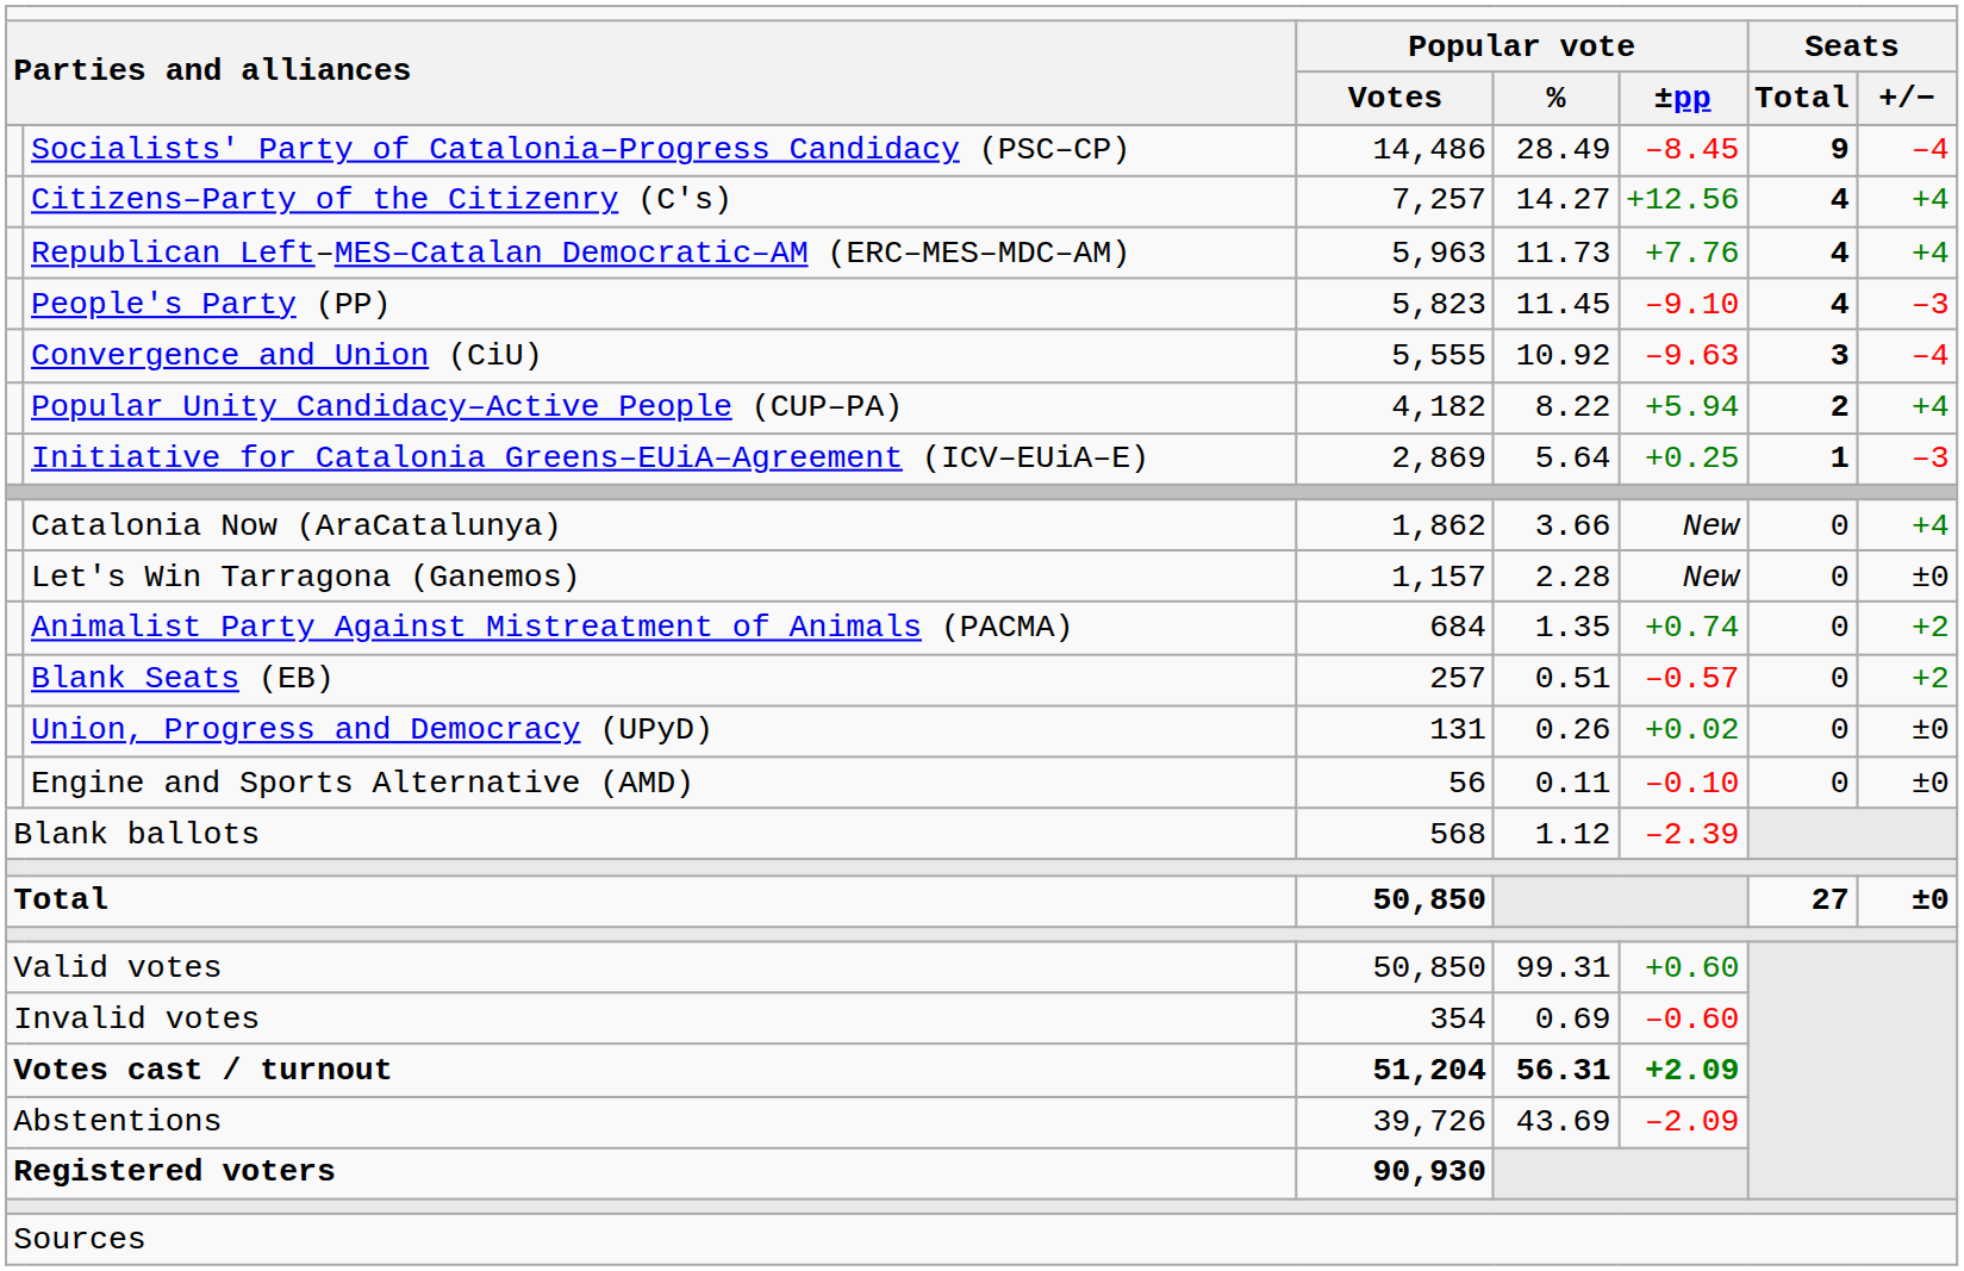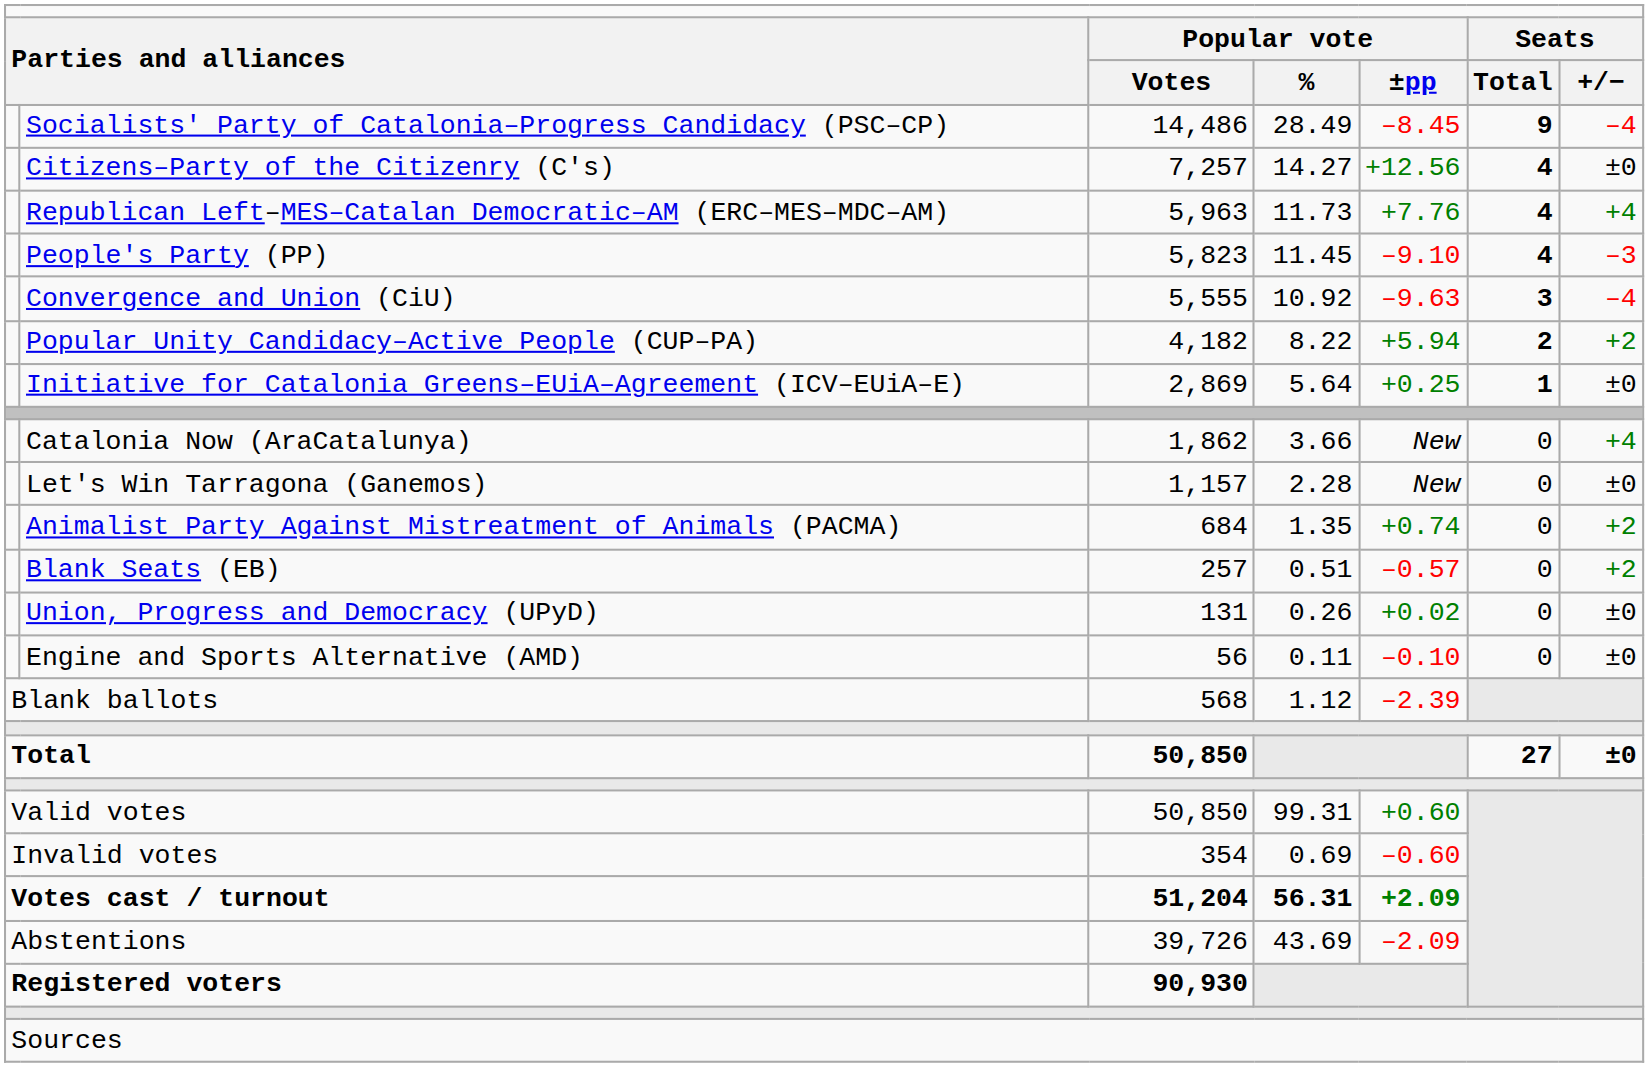 <table class="wikitable" style="text-align:right;">
 <tr>
 <td colspan="7"></td>
 </tr>
 <tr>
 <th style="text-align:left;" rowspan="2" colspan="2" width="525">Parties and alliances</th>
 <th colspan="3">Popular vote</th>
 <th colspan="2">Seats</th>
 </tr>
 <tr>
 <th width="75">Votes</th>
 <th width="45">%</th>
 <th width="45">±<a href='#'>pp</a></th>
 <th width="35">Total</th>
 <th width="35">+/−</th>
 </tr>
 <tr>
 <td width="1" style="color:inherit;background:"></td>
 <td align="left"><a href='#'>Socialists' Party of Catalonia–Progress Candidacy</a> (PSC–CP)</td>
 <td>14,486</td>
 <td>28.49</td>
 <td style="color:red;">–8.45</td>
 <td><strong>9</strong></td>
 <td style="color:red;">–4</td>
 </tr>
 <tr>
 <td style="color:inherit;background:"></td>
 <td align="left"><a href='#'>Citizens–Party of the Citizenry</a> (C's)</td>
 <td>7,257</td>
 <td>14.27</td>
 <td style="color:green;">+12.56</td>
 <td><strong>4</strong></td>
-<td style="color:green;">+4</td>
+<td>±0</td>
 </tr>
 <tr>
 <td style="color:inherit;background:"></td>
 <td align="left"><a href='#'>Republican Left</a>–<a href='#'>MES–Catalan Democratic–AM</a> (ERC–MES–MDC–AM)</td>
 <td>5,963</td>
 <td>11.73</td>
 <td style="color:green;">+7.76</td>
 <td><strong>4</strong></td>
 <td style="color:green;">+4</td>
 </tr>
 <tr>
 <td style="color:inherit;background:"></td>
 <td align="left"><a href='#'>People's Party</a> (PP)</td>
 <td>5,823</td>
 <td>11.45</td>
 <td style="color:red;">–9.10</td>
 <td><strong>4</strong></td>
 <td style="color:red;">–3</td>
 </tr>
 <tr>
 <td style="color:inherit;background:"></td>
 <td align="left"><a href='#'>Convergence and Union</a> (CiU)</td>
 <td>5,555</td>
 <td>10.92</td>
 <td style="color:red;">–9.63</td>
 <td><strong>3</strong></td>
 <td style="color:red;">–4</td>
 </tr>
 <tr>
 <td style="color:inherit;background:"></td>
 <td align="left"><a href='#'>Popular Unity Candidacy–Active People</a> (CUP–PA)</td>
 <td>4,182</td>
 <td>8.22</td>
 <td style="color:green;">+5.94</td>
 <td><strong>2</strong></td>
-<td style="color:green;">+4</td>
+<td style="color:green;">+2</td>
 </tr>
 <tr>
 <td style="color:inherit;background:"></td>
 <td align="left"><a href='#'>Initiative for Catalonia Greens–EUiA–Agreement</a> (ICV–EUiA–E)</td>
 <td>2,869</td>
 <td>5.64</td>
 <td style="color:green;">+0.25</td>
 <td><strong>1</strong></td>
-<td style="color:red;">–3</td>
+<td>±0</td>
 </tr>
 <tr>
 <td colspan="7" style="color:inherit;background:#C0C0C0"></td>
 </tr>
 <tr>
 <td style="color:inherit;background:"></td>
 <td align="left">Catalonia Now (AraCatalunya)</td>
 <td>1,862</td>
 <td>3.66</td>
 <td><em>New</em></td>
 <td>0</td>
 <td style="color:green;">+4</td>
 </tr>
 <tr>
 <td style="color:inherit;background:"></td>
 <td align="left">Let's Win Tarragona (Ganemos)</td>
 <td>1,157</td>
 <td>2.28</td>
 <td><em>New</em></td>
 <td>0</td>
 <td>±0</td>
 </tr>
 <tr>
 <td style="color:inherit;background:"></td>
 <td align="left"><a href='#'>Animalist Party Against Mistreatment of Animals</a> (PACMA)</td>
 <td>684</td>
 <td>1.35</td>
 <td style="color:green;">+0.74</td>
 <td>0</td>
 <td style="color:green;">+2</td>
 </tr>
 <tr>
 <td style="color:inherit;background:"></td>
 <td align="left"><a href='#'>Blank Seats</a> (EB)</td>
 <td>257</td>
 <td>0.51</td>
 <td style="color:red;">–0.57</td>
 <td>0</td>
 <td style="color:green;">+2</td>
 </tr>
 <tr>
 <td style="color:inherit;background:"></td>
 <td align="left"><a href='#'>Union, Progress and Democracy</a> (UPyD)</td>
 <td>131</td>
 <td>0.26</td>
 <td style="color:green;">+0.02</td>
 <td>0</td>
 <td>±0</td>
 </tr>
 <tr>
 <td style="color:inherit;background:"></td>
 <td align="left">Engine and Sports Alternative (AMD)</td>
 <td>56</td>
 <td>0.11</td>
 <td style="color:red;">–0.10</td>
 <td>0</td>
 <td>±0</td>
 </tr>
 <tr>
 <td align="left" colspan="2">Blank ballots</td>
 <td>568</td>
 <td>1.12</td>
 <td style="color:red;">–2.39</td>
 <td style="color:inherit;background:#E9E9E9" colspan="2"></td>
 </tr>
 <tr>
 <td colspan="7" style="color:inherit;background:#E9E9E9"></td>
 </tr>
 <tr style="font-weight:bold;">
 <td align="left" colspan="2">Total</td>
 <td>50,850</td>
 <td bgcolor="#E9E9E9" colspan="2"></td>
 <td>27</td>
 <td>±0</td>
 </tr>
 <tr>
 <td colspan="7" style="color:inherit;background:#E9E9E9"></td>
 </tr>
 <tr>
 <td align="left" colspan="2">Valid votes</td>
 <td>50,850</td>
 <td>99.31</td>
 <td style="color:green;">+0.60</td>
 <td bgcolor="#E9E9E9" colspan="2" rowspan="5"></td>
 </tr>
 <tr>
 <td align="left" colspan="2">Invalid votes</td>
 <td>354</td>
 <td>0.69</td>
 <td style="color:red;">–0.60</td>
 </tr>
 <tr style="font-weight:bold;">
 <td align="left" colspan="2">Votes cast / turnout</td>
 <td>51,204</td>
 <td>56.31</td>
 <td style="color:green;">+2.09</td>
 </tr>
 <tr>
 <td align="left" colspan="2">Abstentions</td>
 <td>39,726</td>
 <td>43.69</td>
 <td style="color:red;">–2.09</td>
 </tr>
 <tr style="font-weight:bold;">
 <td align="left" colspan="2">Registered voters</td>
 <td>90,930</td>
 <td bgcolor="#E9E9E9" colspan="2"></td>
 </tr>
 <tr>
 <td colspan="7" style="color:inherit;background:#E9E9E9"></td>
 </tr>
 <tr>
 <td align="left" colspan="7">Sources</td>
 </tr>
 </table>
